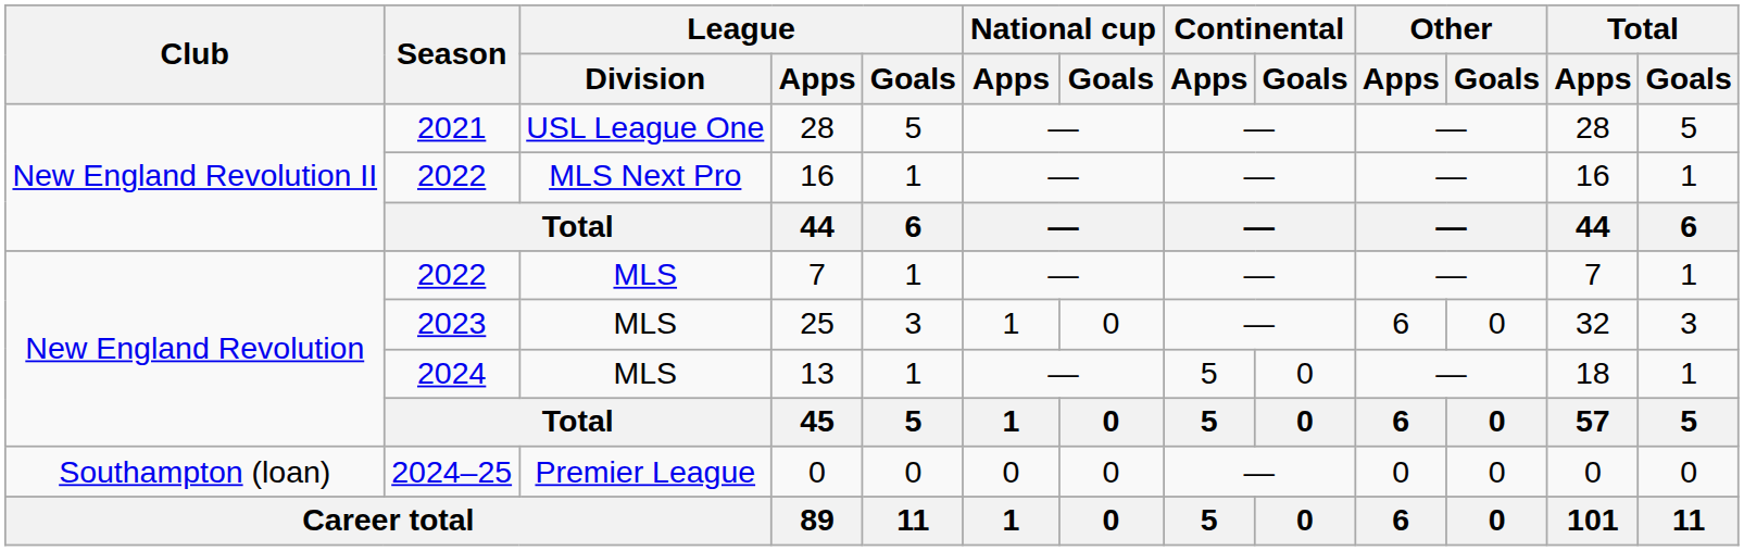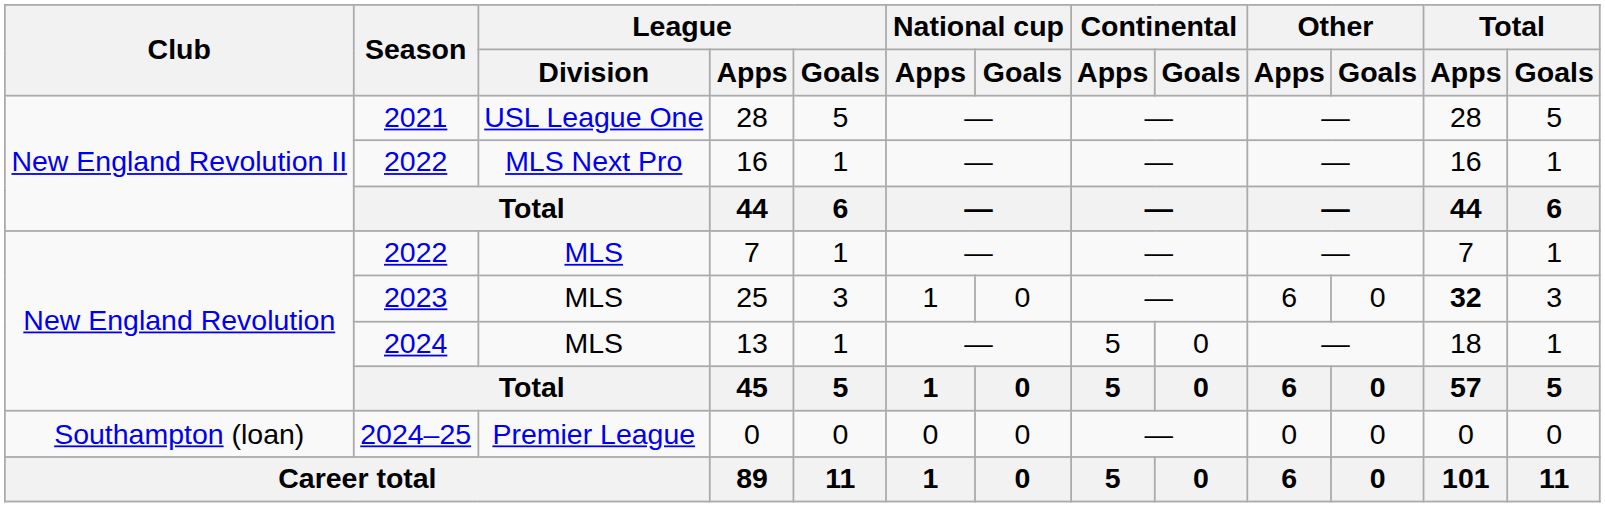 <table class=wikitable style=text-align:center>
 <tr>
 <th rowspan=2>Club</th>
 <th rowspan=2>Season</th>
 <th colspan=3>League</th>
 <th colspan=2>National cup</th>
 <th colspan=2>Continental</th>
 <th colspan=2>Other</th>
 <th colspan=2>Total</th>
 </tr>
 <tr>
 <th>Division</th>
 <th>Apps</th>
 <th>Goals</th>
 <th>Apps</th>
 <th>Goals</th>
 <th>Apps</th>
 <th>Goals</th>
 <th>Apps</th>
 <th>Goals</th>
 <th>Apps</th>
 <th>Goals</th>
 </tr>
 <tr>
 <td rowspan=3><a href='#'>New England Revolution II</a></td>
 <td><a href='#'>2021</a></td>
 <td><a href='#'>USL League One</a></td>
 <td>28</td>
 <td>5</td>
 <td colspan=2>—</td>
 <td colspan=2>—</td>
 <td colspan=2>—</td>
 <td>28</td>
 <td>5</td>
 </tr>
 <tr>
 <td><a href='#'>2022</a></td>
 <td><a href='#'>MLS Next Pro</a></td>
 <td>16</td>
 <td>1</td>
 <td colspan=2>—</td>
 <td colspan=2>—</td>
 <td colspan=2>—</td>
 <td>16</td>
 <td>1</td>
 </tr>
 <tr>
 <th colspan=2>Total</th>
 <th>44</th>
 <th>6</th>
 <th colspan=2>—</th>
 <th colspan=2>—</th>
 <th colspan=2>—</th>
 <th>44</th>
 <th>6</th>
 </tr>
 <tr>
 <td rowspan=4><a href='#'>New England Revolution</a></td>
 <td><a href='#'>2022</a></td>
 <td><a href='#'>MLS</a></td>
 <td>7</td>
 <td>1</td>
 <td colspan=2>—</td>
 <td colspan=2>—</td>
 <td colspan=2>—</td>
 <td>7</td>
 <td>1</td>
 </tr>
 <tr>
 <td><a href='#'>2023</a></td>
 <td>MLS</td>
 <td>25</td>
 <td>3</td>
 <td>1</td>
 <td>0</td>
 <td colspan=2>—</td>
 <td>6</td>
 <td>0</td>
-<td>32</td>
+<td><strong>32</strong></td>
 <td>3</td>
 </tr>
 <tr>
 <td><a href='#'>2024</a></td>
 <td>MLS</td>
 <td>13</td>
 <td>1</td>
 <td colspan=2>—</td>
 <td>5</td>
 <td>0</td>
 <td colspan=2>—</td>
 <td>18</td>
 <td>1</td>
 </tr>
 <tr>
 <th colspan=2>Total</th>
 <th>45</th>
 <th>5</th>
 <th>1</th>
 <th>0</th>
 <th>5</th>
 <th>0</th>
 <th>6</th>
 <th>0</th>
 <th>57</th>
 <th>5</th>
 </tr>
 <tr>
 <td><a href='#'>Southampton</a> (loan)</td>
 <td><a href='#'>2024–25</a></td>
 <td><a href='#'>Premier League</a></td>
 <td>0</td>
 <td>0</td>
 <td>0</td>
 <td>0</td>
 <td colspan="2">—</td>
 <td>0</td>
 <td>0</td>
 <td>0</td>
 <td>0</td>
 </tr>
 <tr>
 <th colspan=3>Career total</th>
 <th>89</th>
 <th>11</th>
 <th>1</th>
 <th>0</th>
 <th>5</th>
 <th>0</th>
 <th>6</th>
 <th>0</th>
 <th>101</th>
 <th>11</th>
 </tr>
 </table>
